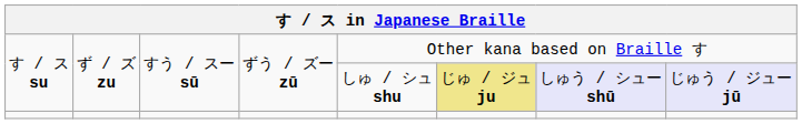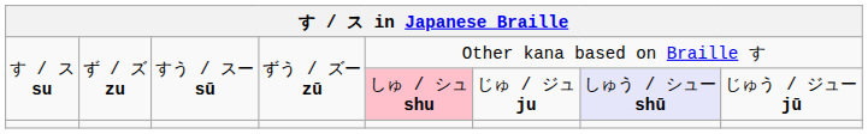 <table class="wikitable nowrap" style="text-align:center">
 <tr>
 <th colspan=8>す / ス in <a href='#'>Japanese Braille</a></th>
 </tr>
 <tr>
 <td rowspan=2>す / ス <br><strong>su</strong></td>
 <td rowspan=2>ず / ズ <br><strong>zu</strong></td>
 <td rowspan=2>すう / スー <br><strong>sū</strong></td>
 <td rowspan=2>ずう / ズー <br><strong>zū</strong></td>
 <td colspan=4>Other kana based on <a href='#'>Braille</a> す</td>
 </tr>
 <tr>
-<td>しゅ / シュ <br><strong>shu</strong></td>
-<td style="background: khaki;">じゅ / ジュ <br><strong>ju</strong></td>
+<td style="background: pink;">しゅ / シュ <br><strong>shu</strong></td>
+<td>じゅ / ジュ <br><strong>ju</strong></td>
 <td style="background: lavender;">しゅう / シュー <br><strong>shū</strong></td>
-<td style="background: lavender;">じゅう / ジュー <br><strong>jū</strong></td>
+<td>じゅう / ジュー <br><strong>jū</strong></td>
 </tr>
 <tr>
 <td></td>
 <td></td>
 <td></td>
 <td></td>
 <td></td>
 <td></td>
 <td></td>
 <td></td>
 </tr>
 </table>
